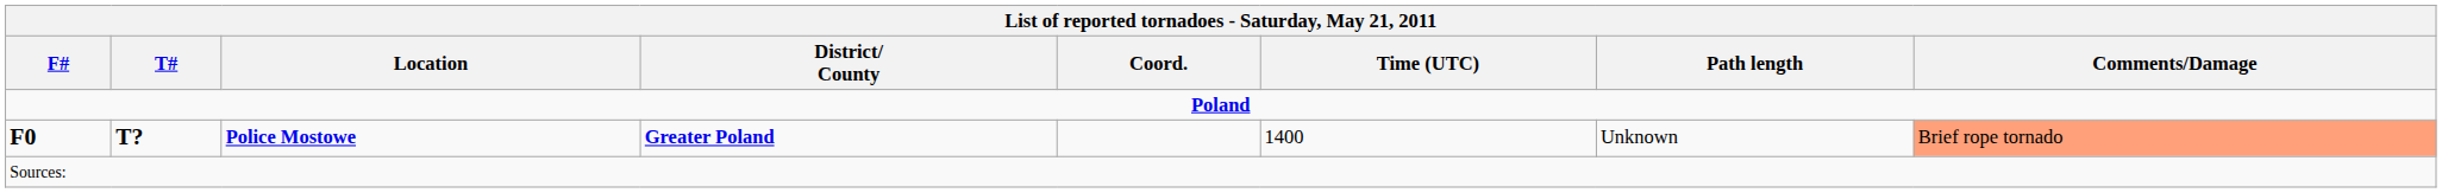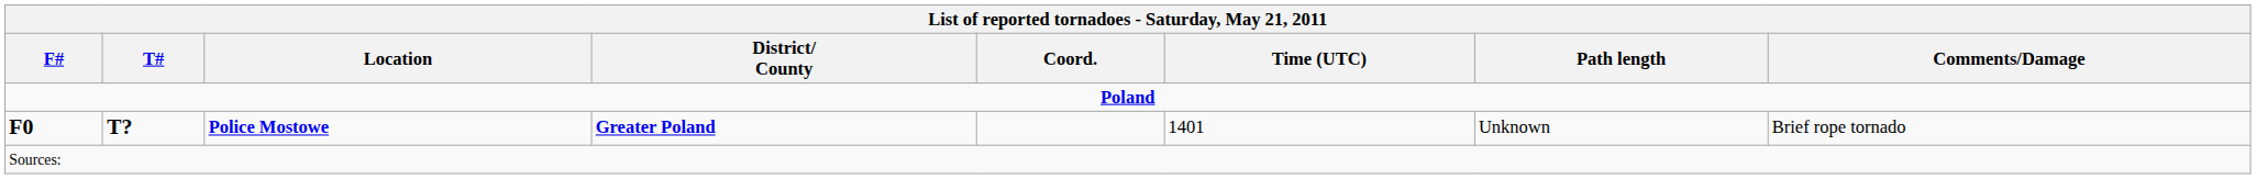 <table class="wikitable collapsible" width="100%">
 <tr>
 <th colspan="8">List of reported tornadoes - Saturday, May 21, 2011</th>
 </tr>
 <tr>
 <th><a href='#'>F#</a></th>
 <th><a href='#'>T#</a></th>
 <th>Location</th>
 <th>District/<br>County</th>
 <th>Coord.</th>
 <th>Time (UTC)</th>
 <th>Path length</th>
 <th>Comments/Damage</th>
 </tr>
 <tr>
 <td colspan="8" align=center><strong><a href='#'>Poland</a></strong></td>
 </tr>
 <tr>
 <td><big><strong>F0</strong></big></td>
 <td><big><strong>T?</strong></big></td>
 <td><strong><a href='#'>Police Mostowe</a></strong></td>
 <td><strong><a href='#'>Greater Poland</a></strong></td>
 <td></td>
-<td>1400</td>
+<td>1401</td>
 <td>Unknown</td>
-<td style="background: lightsalmon;">Brief rope tornado</td>
+<td>Brief rope tornado</td>
 </tr>
 <tr>
 <td colspan="8"><small>Sources:  </small></td>
 </tr>
 </table>
